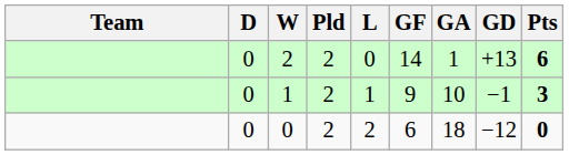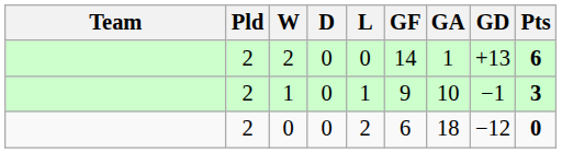 <table class="wikitable" style="text-align:center;">
 <tr>
 <th width=150>Team</th>
+<th width=20>Pld</th>
+<th width=20>W</th>
 <th width=20>D</th>
-<th width=20>W</th>
-<th width=20>Pld</th>
 <th width=20>L</th>
 <th width=20>GF</th>
 <th width=20>GA</th>
 <th width=20>GD</th>
 <th width=20>Pts</th>
 </tr>
 <tr align=center style="background:#ccffcc;">
 <td align="left"></td>
-<td>0</td>
 <td>2</td>
 <td>2</td>
+<td>0</td>
 <td>0</td>
 <td>14</td>
 <td>1</td>
 <td>+13</td>
 <td><strong>6</strong></td>
 </tr>
 <tr align=center style="background:#ccffcc;">
 <td align="left"></td>
+<td>2</td>
+<td>1</td>
 <td>0</td>
-<td>1</td>
-<td>2</td>
 <td>1</td>
 <td>9</td>
 <td>10</td>
 <td>−1</td>
 <td><strong>3</strong></td>
 </tr>
 <tr>
 <td align="left"></td>
+<td>2</td>
 <td>0</td>
 <td>0</td>
-<td>2</td>
 <td>2</td>
 <td>6</td>
 <td>18</td>
 <td>−12</td>
 <td><strong>0</strong></td>
 </tr>
 </table>
